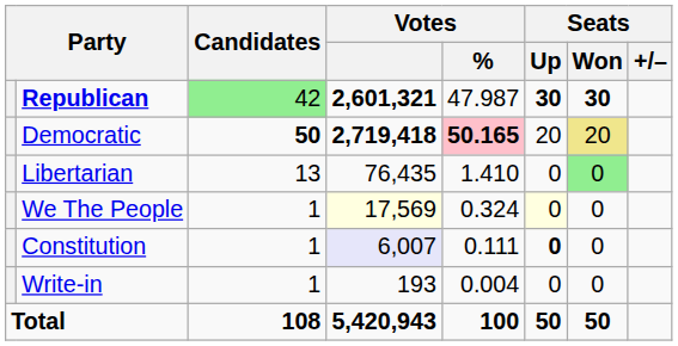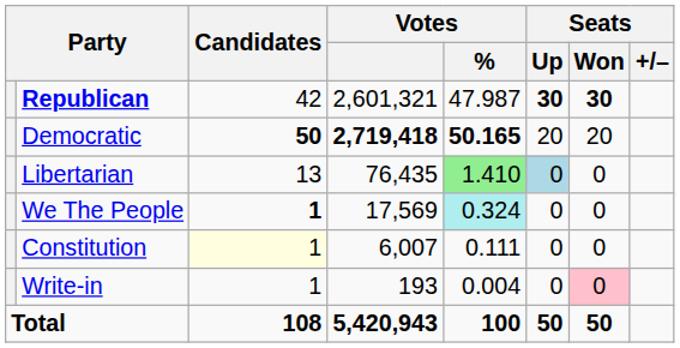 <table class="wikitable">
 <tr>
 <th rowspan="2" colspan="2">Party</th>
 <th rowspan="2">Candidates</th>
 <th colspan="2">Votes</th>
 <th colspan="5">Seats</th>
 </tr>
 <tr>
 <th></th>
 <th>%</th>
 <th>Up</th>
 <th>Won</th>
 <th>+/–</th>
 </tr>
 <tr>
 <th style="background-color:"></th>
 <td><strong><a href='#'>Republican</a></strong></td>
-<td align="right" style="background: lightgreen;">42</td>
-<td align="right"><strong>2,601,321</strong></td>
+<td align="right">42</td>
+<td align="right">2,601,321</td>
 <td align="right">47.987</td>
 <td align="right"><strong>30</strong></td>
 <td align="center"><strong>30</strong></td>
 <td align="center"></td>
 </tr>
 <tr>
 <th style="background-color:"></th>
 <td><a href='#'>Democratic</a></td>
 <td align="right"><strong>50</strong></td>
 <td align="right"><strong>2,719,418</strong></td>
-<td align="right" style="background: pink;"><strong>50.165</strong></td>
+<td align="right"><strong>50.165</strong></td>
 <td align="right">20</td>
-<td align="center" style="background: khaki;">20</td>
+<td align="center">20</td>
 <td align="center"></td>
 </tr>
 <tr>
 <th style="background-color:"></th>
 <td><a href='#'>Libertarian</a></td>
 <td align="right">13</td>
 <td align="right">76,435</td>
-<td align="right">1.410</td>
-<td align="right">0</td>
-<td align="center" style="background: lightgreen;">0</td>
+<td align="right" style="background: lightgreen;">1.410</td>
+<td align="right" style="background: lightblue;">0</td>
+<td align="center">0</td>
 <td align="center"></td>
 </tr>
 <tr>
 <th style="background-color:"></th>
 <td><a href='#'>We The People</a></td>
-<td align="right">1</td>
-<td align="right" style="background: lightyellow;">17,569</td>
-<td align="right">0.324</td>
-<td align="right" style="background: lightyellow;">0</td>
+<td align="right"><strong>1</strong></td>
+<td align="right">17,569</td>
+<td align="right" style="background: paleturquoise;">0.324</td>
+<td align="right">0</td>
 <td align="center">0</td>
 <td align="center"></td>
 </tr>
 <tr>
 <th style="background-color:"></th>
 <td><a href='#'>Constitution</a></td>
-<td align="right">1</td>
-<td align="right" style="background: lavender;">6,007</td>
+<td align="right" style="background: lightyellow;">1</td>
+<td align="right">6,007</td>
 <td align="right">0.111</td>
-<td align="right"><strong>0</strong></td>
+<td align="right">0</td>
 <td align="center">0</td>
 <td align="center"></td>
 </tr>
 <tr>
 <th style="background-color:"></th>
 <td><a href='#'>Write-in</a></td>
 <td align="right">1</td>
 <td align="right">193</td>
 <td align="right">0.004</td>
 <td align="right">0</td>
-<td align="center">0</td>
+<td align="center" style="background: pink;">0</td>
 <td align="center"></td>
 </tr>
 <tr>
 <td colspan="2" align="left"><strong>Total</strong></td>
 <td align="right"><strong>108</strong></td>
 <td align="center"><strong>5,420,943</strong></td>
 <td align="right"><strong>100</strong></td>
 <td align="right"><strong>50</strong></td>
 <td align="center"><strong>50</strong></td>
 <td align="center"><strong></strong></td>
 </tr>
 </table>
